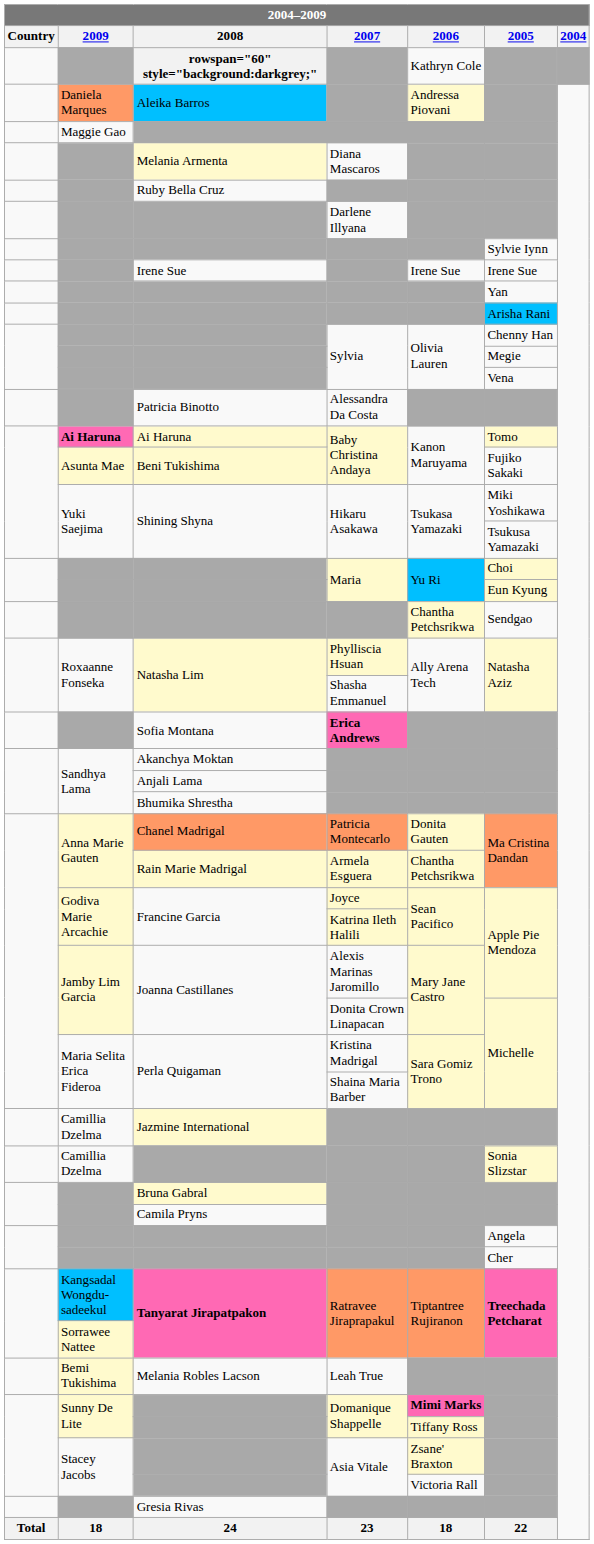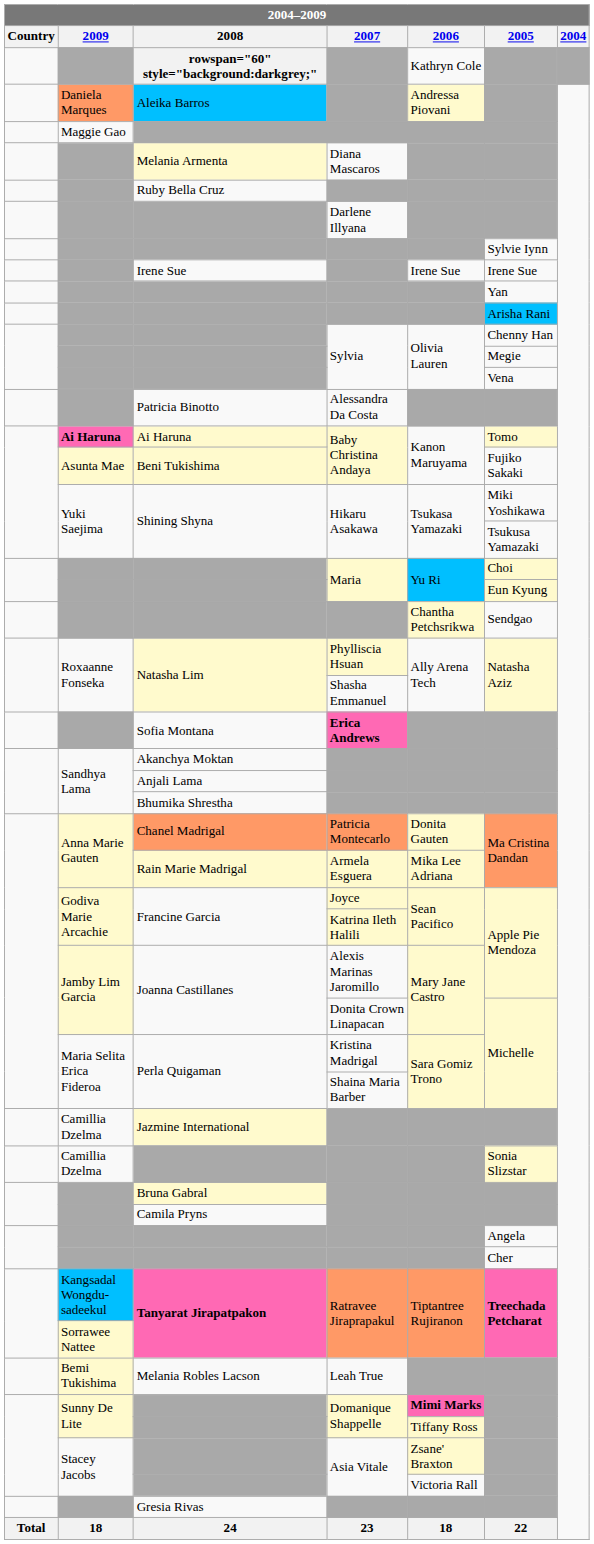 <table class="wikitable collapsible autocollapse" style="font-size: 85%; text-align:left">
 <tr>
 <th colspan="7" style="background-color:#787878;color:#FFFFFF;">2004–2009</th>
 </tr>
 <tr>
 <th><strong>Country</strong></th>
 <th><strong><a href='#'>2009</a></strong></th>
 <th><strong>2008</strong></th>
 <th><strong><a href='#'>2007</a></strong></th>
 <th><strong><a href='#'>2006</a></strong></th>
 <th><strong><a href='#'>2005</a></strong></th>
 <th><strong><a href='#'>2004</a></strong></th>
 </tr>
 <tr>
 <td></td>
 <td style="background:darkgrey;"></td>
 <th>rowspan="60" style="background:darkgrey;" </th>
 <td style="background:darkgrey;"></td>
 <td>Kathryn Cole</td>
 <td style="background:darkgrey;"></td>
 <td style="background:darkgrey;"></td>
 </tr>
 <tr>
 <td></td>
 <td style="background:#FF9966;">Daniela Marques</td>
 <td style="background:#00BFFF;">Aleika Barros</td>
 <td style="background:darkgrey;"></td>
 <td style="background:#FFFACD;">Andressa Piovani</td>
 <td style="background:darkgrey;"></td>
 </tr>
 <tr>
 <td></td>
 <td>Maggie Gao</td>
 <td colspan="4" scope="row" style="background:darkgrey;"></td>
 </tr>
 <tr>
 <td></td>
 <td style="background:darkgrey;"></td>
 <td style="background:#FFFACD;">Melania Armenta</td>
 <td>Diana Mascaros</td>
 <td scope="row" style="background:darkgrey;"></td>
 <td style="background:darkgrey;"></td>
 </tr>
 <tr>
 <td></td>
 <td style="background:darkgrey;"></td>
 <td>Ruby Bella Cruz</td>
 <td scope="row" style="background:darkgrey;"></td>
 <td style="background:darkgrey;"></td>
 <td style="background:darkgrey;"></td>
 </tr>
 <tr>
 <td></td>
 <td style="background:darkgrey;"></td>
 <td style="background:darkgrey;"></td>
 <td>Darlene Illyana</td>
 <td scope="row" style="background:darkgrey;"></td>
 <td style="background:darkgrey;"></td>
 </tr>
 <tr>
 <td></td>
 <td style="background:darkgrey;"></td>
 <td style="background:darkgrey;"></td>
 <td style="background:darkgrey;"></td>
 <td style="background:darkgrey;"></td>
 <td>Sylvie Iynn</td>
 </tr>
 <tr>
 <td></td>
 <td style="background:darkgrey;"></td>
 <td>Irene Sue</td>
 <td style="background:darkgrey;"></td>
 <td>Irene Sue</td>
 <td>Irene Sue</td>
 </tr>
 <tr>
 <td></td>
 <td style="background:darkgrey;"></td>
 <td style="background:darkgrey;"></td>
 <td style="background:darkgrey;"></td>
 <td style="background:darkgrey;"></td>
 <td>Yan</td>
 </tr>
 <tr>
 <td></td>
 <td style="background:darkgrey;"></td>
 <td style="background:darkgrey;"></td>
 <td style="background:darkgrey;"></td>
 <td style="background:darkgrey;"></td>
 <td style="background:#00BFFF;">Arisha Rani</td>
 </tr>
 <tr>
 <td rowspan="3"></td>
 <td style="background:darkgrey;"></td>
 <td style="background:darkgrey;"></td>
 <td rowspan="3">Sylvia</td>
 <td rowspan="3">Olivia Lauren</td>
 <td>Chenny Han</td>
 </tr>
 <tr>
 <td style="background:darkgrey;"></td>
 <td style="background:darkgrey;"></td>
 <td>Megie</td>
 </tr>
 <tr>
 <td style="background:darkgrey;"></td>
 <td style="background:darkgrey;"></td>
 <td>Vena</td>
 </tr>
 <tr>
 <td></td>
 <td style="background:darkgrey;"></td>
 <td>Patricia Binotto</td>
 <td>Alessandra Da Costa</td>
 <td scope="row" style="background:darkgrey;"></td>
 <td style="background:darkgrey;"></td>
 </tr>
 <tr>
 <td rowspan="4"></td>
 <td style="background:hotpink;"><strong>Ai Haruna</strong></td>
 <td style="background:#FFFACD;">Ai Haruna</td>
 <td rowspan="2" style="background:#FFFACD;">Baby Christina Andaya</td>
 <td rowspan="2">Kanon Maruyama</td>
 <td style="background:#FFFACD;">Tomo</td>
 </tr>
 <tr>
 <td style="background:#FFFACD;">Asunta Mae</td>
 <td style="background:#FFFACD;">Beni Tukishima</td>
 <td>Fujiko Sakaki</td>
 </tr>
 <tr>
 <td rowspan="2">Yuki Saejima</td>
 <td rowspan="2">Shining Shyna</td>
 <td rowspan="2">Hikaru Asakawa</td>
 <td rowspan="2">Tsukasa Yamazaki</td>
 <td>Miki Yoshikawa</td>
 </tr>
 <tr>
 <td>Tsukusa Yamazaki</td>
 </tr>
 <tr>
 <td rowspan="2"></td>
 <td style="background:darkgrey;"></td>
 <td style="background:darkgrey;"></td>
 <td rowspan="2" style="background:#FFFACD;">Maria</td>
 <td rowspan="2" style="background:#00BFFF;">Yu Ri</td>
 <td style="background:#FFFACD;">Choi</td>
 </tr>
 <tr>
 <td style="background:darkgrey;"></td>
 <td style="background:darkgrey;"></td>
 <td style="background:#FFFACD;">Eun Kyung</td>
 </tr>
 <tr>
 <td></td>
 <td style="background:darkgrey;"></td>
 <td style="background:darkgrey;"></td>
 <td style="background:darkgrey;"></td>
 <td style="background:#FFFACD;">Chantha Petchsrikwa</td>
 <td>Sendgao</td>
 </tr>
 <tr>
 <td rowspan="2"></td>
 <td rowspan="2">Roxaanne Fonseka</td>
 <td rowspan="2" style="background:#FFFACD;">Natasha Lim</td>
 <td style="background:#FFFACD;">Phylliscia Hsuan</td>
 <td rowspan="2">Ally Arena Tech</td>
 <td rowspan="2" style="background:#FFFACD;">Natasha Aziz</td>
 </tr>
 <tr>
 <td>Shasha Emmanuel</td>
 </tr>
 <tr>
 <td></td>
 <td style="background:darkgrey;"></td>
 <td>Sofia Montana</td>
 <td style="background:hotpink;"><strong>Erica Andrews</strong></td>
 <td style="background:darkgrey;"></td>
 <td style="background:darkgrey;"></td>
 </tr>
 <tr>
 <td rowspan="3"></td>
 <td rowspan="3">Sandhya Lama</td>
 <td>Akanchya Moktan</td>
 <td style="background:darkgrey;"></td>
 <td style="background:darkgrey;"></td>
 <td style="background:darkgrey;"></td>
 </tr>
 <tr>
 <td>Anjali Lama</td>
 <td style="background:darkgrey;"></td>
 <td style="background:darkgrey;"></td>
 <td style="background:darkgrey;"></td>
 </tr>
 <tr>
 <td>Bhumika Shrestha</td>
 <td style="background:darkgrey;"></td>
 <td style="background:darkgrey;"></td>
 <td style="background:darkgrey;"></td>
 </tr>
 <tr>
 <td rowspan="8"></td>
 <td rowspan="2" style="background:#FFFACD;">Anna Marie Gauten</td>
 <td style="background:#FF9966;">Chanel Madrigal</td>
 <td style="background:#FF9966;">Patricia Montecarlo</td>
 <td style="background:#FFFACD;">Donita Gauten</td>
 <td rowspan="2" style="background:#FF9966;">Ma Cristina Dandan</td>
 </tr>
 <tr>
 <td style="background:#FFFACD;">Rain Marie Madrigal</td>
 <td style="background:#FFFACD;">Armela Esguera</td>
-<td style="background:#FFFACD;">Chantha Petchsrikwa</td>
+<td style="background:#FFFACD;">Mika Lee Adriana</td>
 </tr>
 <tr>
 <td rowspan="2" style="background:#FFFACD;">Godiva Marie Arcachie</td>
 <td rowspan="2">Francine Garcia</td>
 <td style="background:#FFFACD;">Joyce</td>
 <td rowspan="2" style="background:#FFFACD;">Sean Pacifico</td>
 <td rowspan="3" style="background:#FFFACD;">Apple Pie Mendoza</td>
 </tr>
 <tr>
 <td style="background:#FFFACD;">Katrina Ileth Halili</td>
 </tr>
 <tr>
 <td rowspan="2" style="background:#FFFACD;">Jamby Lim Garcia</td>
 <td rowspan="2">Joanna Castillanes</td>
 <td>Alexis Marinas Jaromillo</td>
 <td rowspan="2" style="background:#FFFACD;">Mary Jane Castro</td>
 </tr>
 <tr>
 <td>Donita Crown Linapacan</td>
 <td rowspan="3" style="background:#FFFACD;">Michelle</td>
 </tr>
 <tr>
 <td rowspan="2">Maria Selita Erica Fideroa</td>
 <td rowspan="2">Perla Quigaman</td>
 <td>Kristina Madrigal</td>
 <td rowspan="2" style="background:#FFFACD;">Sara Gomiz Trono</td>
 </tr>
 <tr>
 <td>Shaina Maria Barber</td>
 </tr>
 <tr>
 <td></td>
 <td>Camillia Dzelma</td>
 <td style="background:#FFFACD;">Jazmine International</td>
 <td scope="col" style="background:darkgrey;"></td>
 <td style="background:darkgrey;"></td>
 <td style="background:darkgrey;"></td>
 </tr>
 <tr>
 <td></td>
 <td>Camillia Dzelma</td>
 <td style="background:darkgrey;"></td>
 <td style="background:darkgrey;"></td>
 <td style="background:darkgrey;"></td>
 <td style="background:#FFFACD;">Sonia Slizstar</td>
 </tr>
 <tr>
 <td rowspan="2"></td>
 <td style="background:darkgrey;"></td>
 <td style="background:#FFFACD;">Bruna Gabral</td>
 <td style="background:darkgrey;"></td>
 <td style="background:darkgrey;"></td>
 <td style="background:darkgrey;"></td>
 </tr>
 <tr>
 <td style="background:darkgrey;"></td>
 <td>Camila Pryns</td>
 <td style="background:darkgrey;"></td>
 <td style="background:darkgrey;"></td>
 <td style="background:darkgrey;"></td>
 </tr>
 <tr>
 <td rowspan="2"></td>
 <td style="background:darkgrey;"></td>
 <td style="background:darkgrey;"></td>
 <td style="background:darkgrey;"></td>
 <td style="background:darkgrey;"></td>
 <td>Angela</td>
 </tr>
 <tr>
 <td style="background:darkgrey;"></td>
 <td style="background:darkgrey;"></td>
 <td style="background:darkgrey;"></td>
 <td style="background:darkgrey;"></td>
 <td>Cher</td>
 </tr>
 <tr>
 <td rowspan="2"></td>
 <td style="background:#00BFFF;">Kangsadal Wongdu-sadeekul</td>
 <td rowspan="2" style="background:hotpink;"><strong>Tanyarat Jirapatpakon</strong></td>
 <td rowspan="2" style="background:#FF9966;">Ratravee Jiraprapakul</td>
 <td rowspan="2" style="background:#FF9966;">Tiptantree Rujiranon</td>
 <td rowspan="2" style="background:hotpink;"><strong>Treechada Petcharat</strong></td>
 </tr>
 <tr>
 <td style="background:#FFFACD;">Sorrawee Nattee</td>
 </tr>
 <tr>
 <td></td>
 <td style="background:#FFFACD;">Bemi Tukishima</td>
 <td>Melania Robles Lacson</td>
 <td>Leah True</td>
 <td scope="col" style="background:darkgrey;"></td>
 <td style="background:darkgrey;"></td>
 </tr>
 <tr>
 <td rowspan="4"></td>
 <td rowspan="2" style="background:#FFFACD;">Sunny De Lite</td>
 <td style="background:darkgrey;"></td>
 <td rowspan="2" style="background:#FFFACD;">Domanique Shappelle</td>
 <td style="background:hotpink;"><strong>Mimi Marks</strong></td>
 <td style="background:darkgrey;"></td>
 </tr>
 <tr>
 <td style="background:darkgrey;"></td>
 <td style="background:#FFFACD;">Tiffany Ross</td>
 <td style="background:darkgrey;"></td>
 </tr>
 <tr>
 <td rowspan="2">Stacey Jacobs</td>
 <td style="background:darkgrey;"></td>
 <td rowspan="2">Asia Vitale</td>
 <td style="background:#FFFACD;">Zsane' Braxton</td>
 <td style="background:darkgrey;"></td>
 </tr>
 <tr>
 <td style="background:darkgrey;"></td>
 <td>Victoria Rall</td>
 <td style="background:darkgrey;"></td>
 </tr>
 <tr>
 <td></td>
 <td style="background:darkgrey;"></td>
 <td>Gresia Rivas</td>
 <td scope="col" style="background:darkgrey;"></td>
 <td style="background:darkgrey;"></td>
 <td style="background:darkgrey;"></td>
 </tr>
 <tr>
 <th>Total</th>
 <th>18</th>
 <th>24</th>
 <th>23</th>
 <th>18</th>
 <th>22</th>
 </tr>
 </table>
